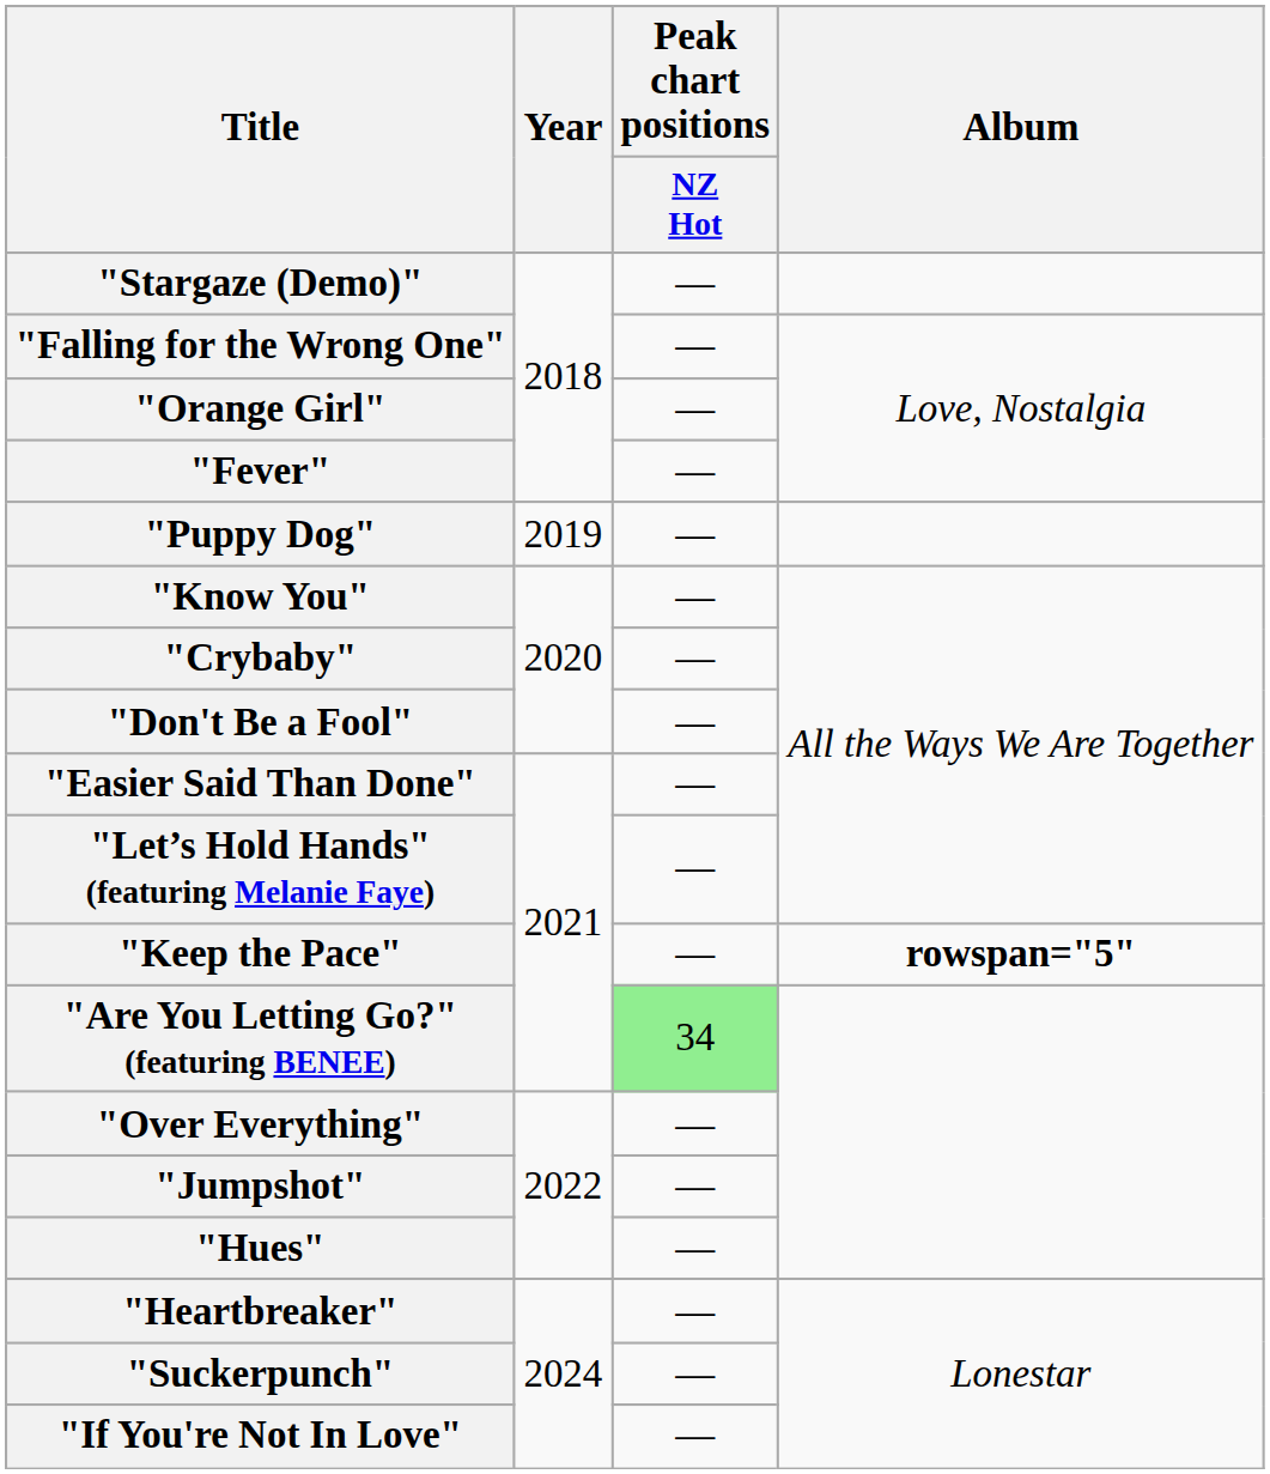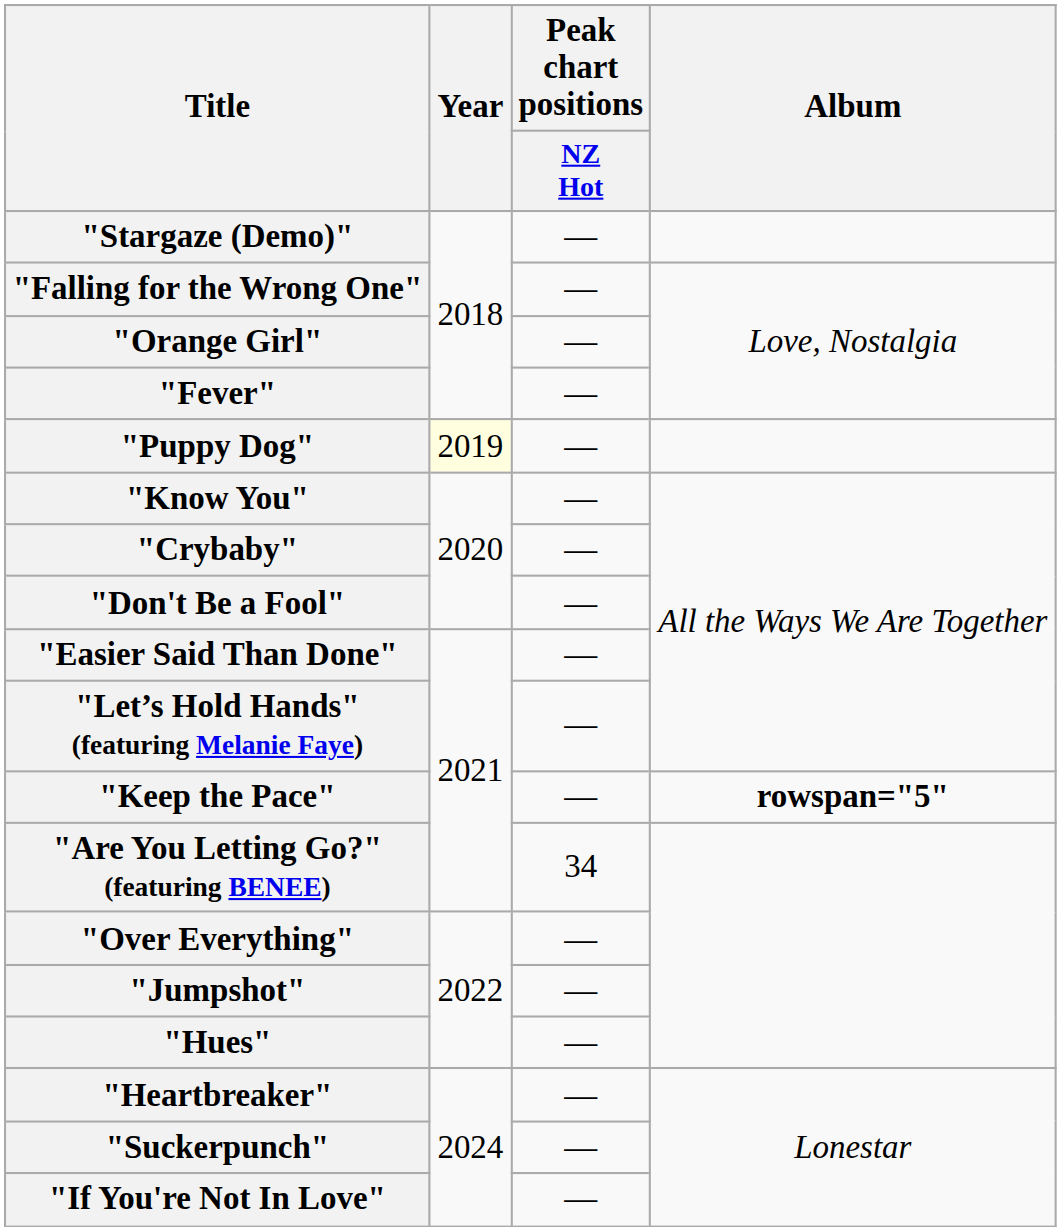 <table class="wikitable plainrowheaders" style="text-align:center;">
 <tr>
 <th scope="col" rowspan="2">Title</th>
 <th scope="col" rowspan="2">Year</th>
 <th scope="col" colspan="1">Peak chart positions</th>
 <th scope="col" rowspan="2">Album</th>
 </tr>
 <tr>
 <th scope="col" style="width:2.75em;font-size:85%;"><a href='#'>NZ<br>Hot</a></th>
 </tr>
 <tr>
 <th scope="row">"Stargaze (Demo)"</th>
 <td rowspan="4">2018</td>
 <td>—</td>
 <td></td>
 </tr>
 <tr>
 <th scope="row">"Falling for the Wrong One"</th>
 <td>—</td>
 <td rowspan="3"><em>Love, Nostalgia</em></td>
 </tr>
 <tr>
 <th scope="row">"Orange Girl"</th>
 <td>—</td>
 </tr>
 <tr>
 <th scope="row">"Fever"</th>
 <td>—</td>
 </tr>
 <tr>
 <th scope="row">"Puppy Dog"</th>
-<td>2019</td>
+<td style="background: lightyellow;">2019</td>
 <td>—</td>
 <td></td>
 </tr>
 <tr>
 <th scope="row">"Know You"</th>
 <td rowspan="3">2020</td>
 <td>—</td>
 <td rowspan="5"><em>All the Ways We Are Together</em></td>
 </tr>
 <tr>
 <th scope="row">"Crybaby"</th>
 <td>—</td>
 </tr>
 <tr>
 <th scope="row">"Don't Be a Fool"</th>
 <td>—</td>
 </tr>
 <tr>
 <th scope="row">"Easier Said Than Done"</th>
 <td rowspan="4">2021</td>
 <td>—</td>
 </tr>
 <tr>
 <th scope="row">"Let’s Hold Hands"<br><small>(featuring <a href='#'>Melanie Faye</a>)</small></th>
 <td>—</td>
 </tr>
 <tr>
 <th scope="row">"Keep the Pace"</th>
 <td>—</td>
 <td><strong>rowspan="5" </strong></td>
 </tr>
 <tr>
 <th scope="row">"Are You Letting Go?"<br><small>(featuring <a href='#'>BENEE</a>)</small></th>
-<td style="background: lightgreen;">34<br></td>
+<td>34<br></td>
 </tr>
 <tr>
 <th scope="row">"Over Everything"</th>
 <td rowspan="3">2022</td>
 <td>—</td>
 </tr>
 <tr>
 <th scope="row">"Jumpshot"</th>
 <td>—</td>
 </tr>
 <tr>
 <th scope="row">"Hues"</th>
 <td>—</td>
 </tr>
 <tr>
 <th scope="row">"Heartbreaker"</th>
 <td rowspan="3">2024</td>
 <td>—</td>
 <td rowspan="3"><em>Lonestar</em></td>
 </tr>
 <tr>
 <th scope="row">"Suckerpunch"</th>
 <td>—</td>
 </tr>
 <tr>
 <th scope="row">"If You're Not In Love"</th>
 <td>—</td>
 </tr>
 </table>
